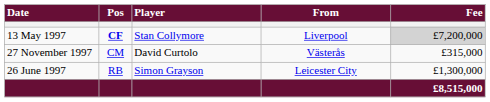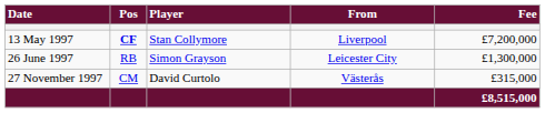 <table class="wikitable">
 <tr>
 <th style="background:#670E36; color:#ffffff; text-align:left; width:130px">Date</th>
 <th style="background:#670E36; color:#ffffff; text-align:center; width:40px">Pos</th>
 <th style="background:#670E36; color:#ffffff; text-align:left; width:180px">Player</th>
 <th style="background:#670E36; color:#ffffff; text-align:center; width:180px">From</th>
 <th style="background:#670E36; color:#ffffff; text-align:right; width:130px">Fee</th>
 </tr>
 <tr>
 <th></th>
 <th></th>
 <th></th>
 <th></th>
 <th></th>
 </tr>
 <tr>
 <td>13 May 1997</td>
 <td style="text-align:center;"><strong><a href='#'>CF</a></strong></td>
 <td><a href='#'>Stan Collymore</a></td>
 <td style="text-align:center;"><a href='#'>Liverpool</a></td>
-<td style="background: lightgrey; text-align:right;">£7,200,000</td>
+<td style="text-align:right;">£7,200,000</td>
+</tr>
+<tr>
+<td>26 June 1997</td>
+<td style="text-align:center;"><a href='#'>RB</a></td>
+<td><a href='#'>Simon Grayson</a></td>
+<td style="text-align:center;"><a href='#'>Leicester City</a></td>
+<td style="text-align:right;">£1,300,000</td>
 </tr>
 <tr>
 <td>27 November 1997</td>
 <td style="text-align:center;"><a href='#'>CM</a></td>
 <td> David Curtolo</td>
 <td style="text-align:center;"> <a href='#'>Västerås</a></td>
 <td style="text-align:right;">£315,000</td>
 </tr>
 <tr>
-<td>26 June 1997</td>
-<td style="text-align:center;"><a href='#'>RB</a></td>
-<td><a href='#'>Simon Grayson</a></td>
-<td style="text-align:center;"><a href='#'>Leicester City</a></td>
-<td style="text-align:right;">£1,300,000</td>
-</tr>
-<tr>
 <th style="background:#670E36;"></th>
 <th style="background:#670E36;"></th>
 <th style="background:#670E36;"></th>
 <th style="background:#670E36;"></th>
 <th style="background:#670E36; color:#ffffff; text-align:right;"><strong>£8,515,000</strong></th>
 </tr>
 </table>
